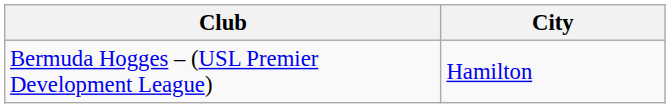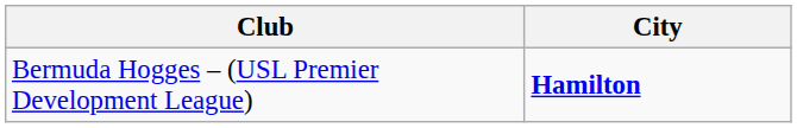 <table class="wikitable">
 <tr>
 <th width="300px">Club</th>
 <th width="150px">City</th>
 </tr>
 <tr>
 <td><a href='#'>Bermuda Hogges</a> – (<a href='#'>USL Premier Development League</a>)</td>
-<td><a href='#'>Hamilton</a></td>
+<td><strong><a href='#'>Hamilton</a></strong></td>
 </tr>
 </table>
